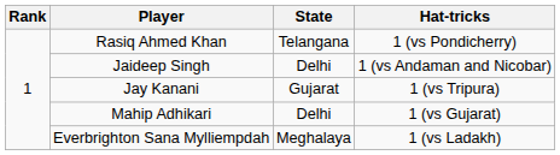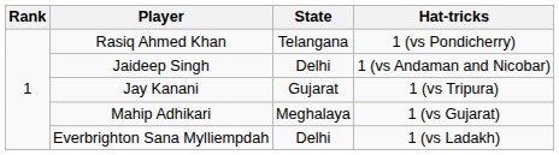 <table class="wikitable" style="text-align:center">
 <tr>
 <th>Rank</th>
 <th>Player</th>
 <th>State</th>
 <th>Hat-tricks</th>
 </tr>
 <tr>
 <td rowspan=5>1</td>
 <td>Rasiq Ahmed Khan</td>
 <td>Telangana</td>
 <td>1 (vs Pondicherry)</td>
 </tr>
 <tr>
 <td>Jaideep Singh</td>
 <td>Delhi</td>
 <td>1 (vs Andaman and Nicobar)</td>
 </tr>
 <tr>
 <td>Jay Kanani</td>
 <td>Gujarat</td>
 <td>1 (vs Tripura)</td>
 </tr>
 <tr>
 <td>Mahip Adhikari</td>
-<td>Delhi</td>
+<td>Meghalaya</td>
 <td>1 (vs Gujarat)</td>
 </tr>
 <tr>
 <td>Everbrighton Sana Mylliempdah</td>
-<td>Meghalaya</td>
+<td>Delhi</td>
 <td>1 (vs Ladakh)</td>
 </tr>
 </table>
